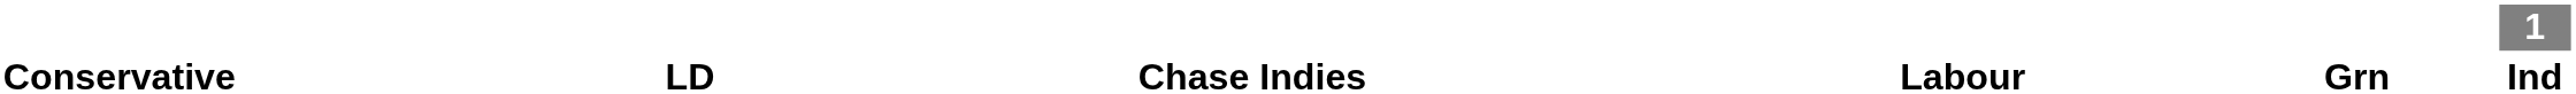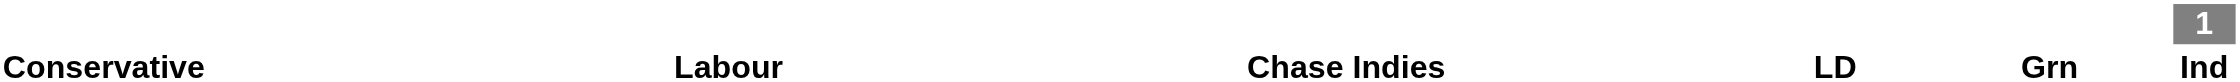 <table style="width:100%; text-align:center;">
 <tr style="color:white;">
 <td style="background-color:"><strong>24</strong></td>
+<td style="background-color:"><strong>9</strong></td>
+<td style="background-color:"><strong>4</strong></td>
 <td style="background-color:"><strong>2</strong></td>
-<td style="background-color:"><strong>4</strong></td>
-<td style="background-color:"><strong>9</strong></td>
 <td style="background-color:"><strong>1</strong></td>
 <td style="background-color:gray; width:2.5%;"><strong>1</strong></td>
 </tr>
 <tr>
 <td><span><strong>Conservative</strong></span></td>
+<td><span><strong>Labour</strong></span></td>
+<td><span><strong>Chase Indies</strong></span></td>
 <td><span><strong>LD</strong></span></td>
-<td><span><strong>Chase Indies</strong></span></td>
-<td><span><strong>Labour</strong></span></td>
 <td><span><strong>Grn</strong></span></td>
 <td><span><strong>Ind</strong></span></td>
 </tr>
 </table>
